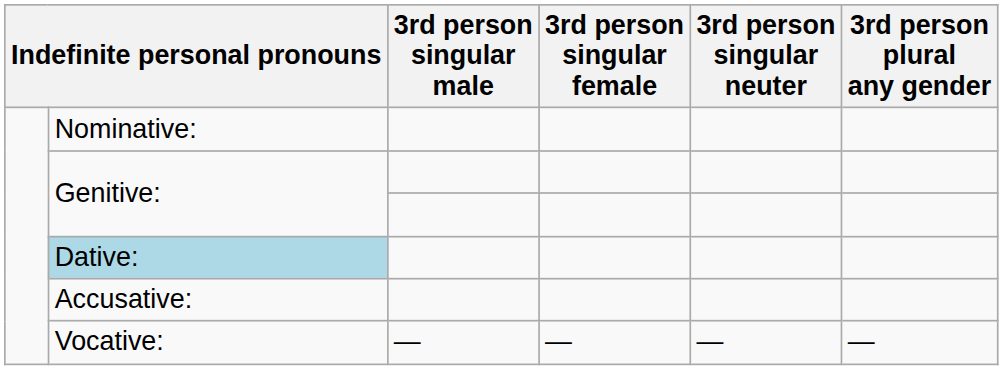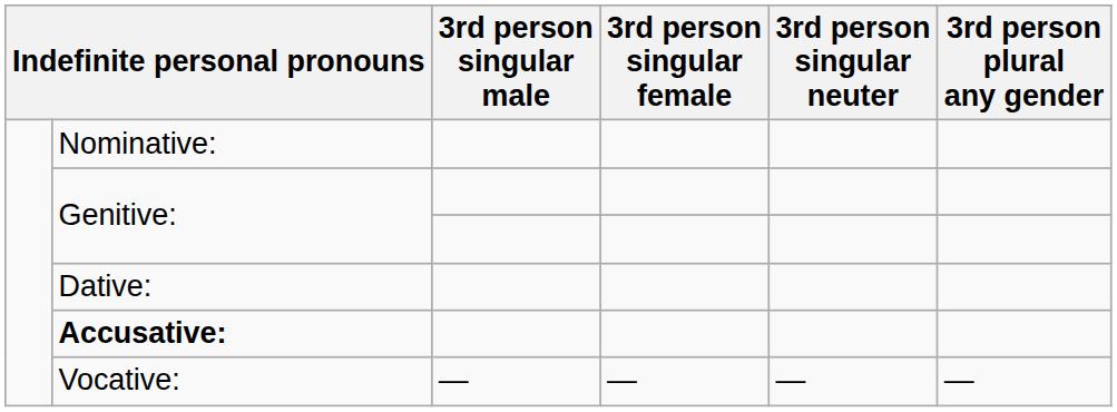 <table class="wikitable">
 <tr>
 <th colspan="2"><strong>Indefinite personal pronouns</strong></th>
 <th>3rd person <br> singular <br> male</th>
 <th>3rd person <br> singular <br> female</th>
 <th>3rd person <br> singular <br> neuter</th>
 <th>3rd person <br> plural <br> any gender</th>
 </tr>
 <tr>
 <td rowspan="6" style="width:5en"> </td>
 <td>Nominative:</td>
 <td><em></em> <br> <em></em></td>
 <td><em></em> <br> <em></em></td>
 <td><em></em> <br> <em></em></td>
 <td><em></em></td>
 </tr>
 <tr>
 <td rowspan="2">Genitive:</td>
 <td><em></em> <br> <em></em></td>
 <td><em></em> <br> <em></em></td>
 <td><em></em> <br> <em></em></td>
 <td><em></em></td>
 </tr>
 <tr>
 <td><em></em> <br> <em></em></td>
 <td><em></em> <br> <em></em></td>
 <td><em></em> <br> <em></em></td>
 <td><em></em></td>
 </tr>
 <tr>
-<td style="background: lightblue;">Dative:</td>
+<td>Dative:</td>
 <td><em></em> <br> <em></em></td>
 <td><em></em> <br> <em></em></td>
 <td><em></em> <br> <em></em></td>
 <td><em></em></td>
 </tr>
 <tr>
-<td>Accusative:</td>
+<td><strong>Accusative:</strong></td>
 <td><em></em> <br> <em></em></td>
 <td><em></em> <br> <em></em></td>
 <td><em></em> <br> <em></em></td>
 <td><em></em></td>
 </tr>
 <tr>
 <td>Vocative:</td>
 <td>—</td>
 <td>—</td>
 <td>—</td>
 <td>—</td>
 </tr>
 </table>
